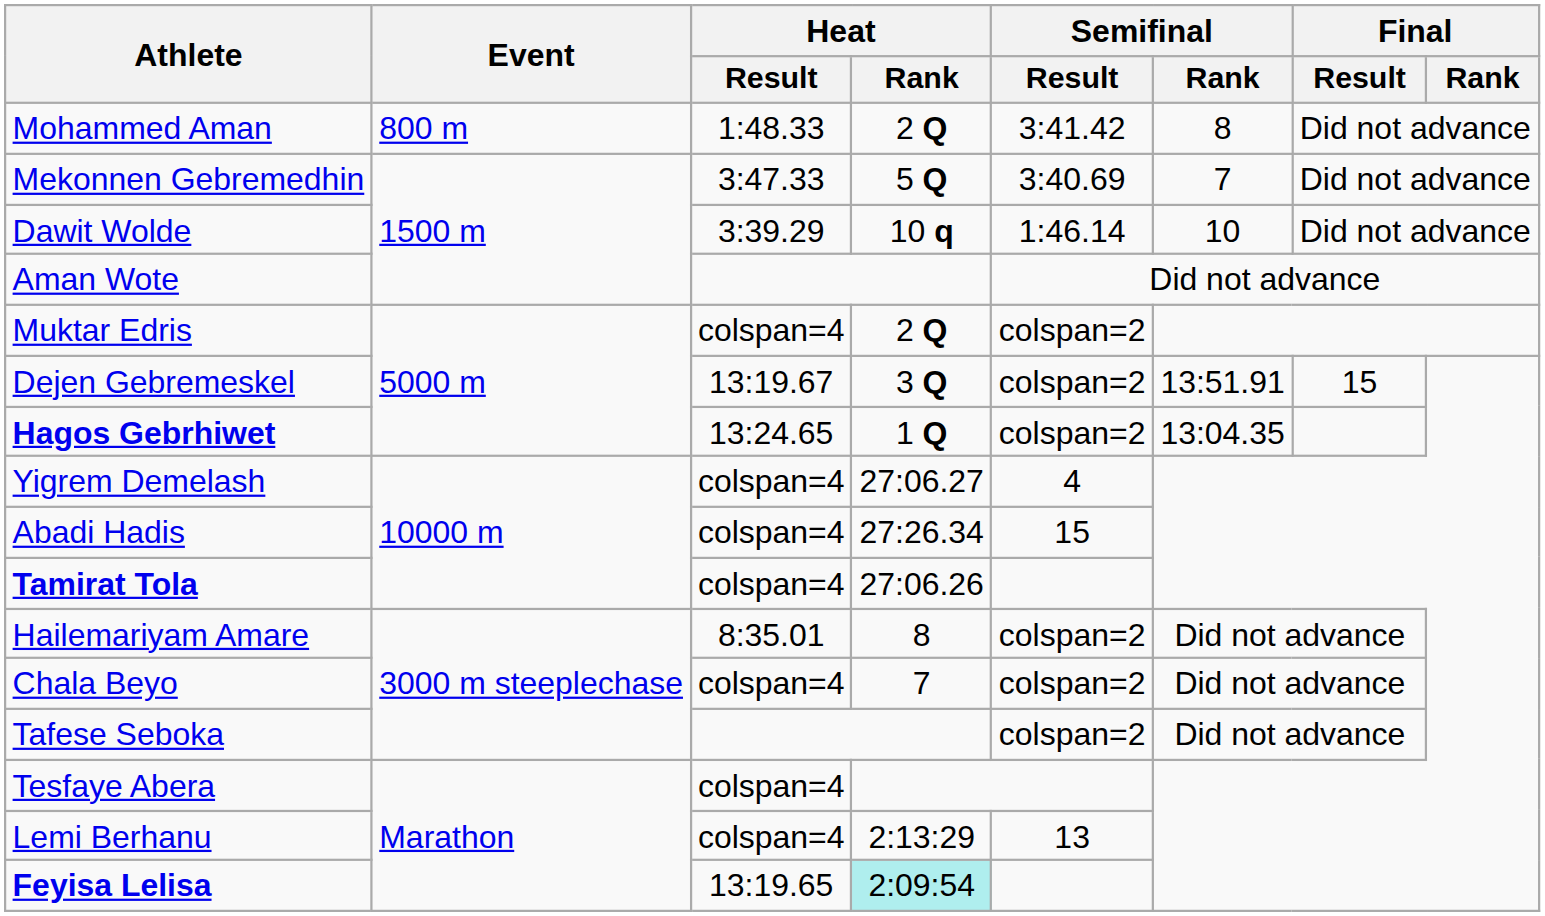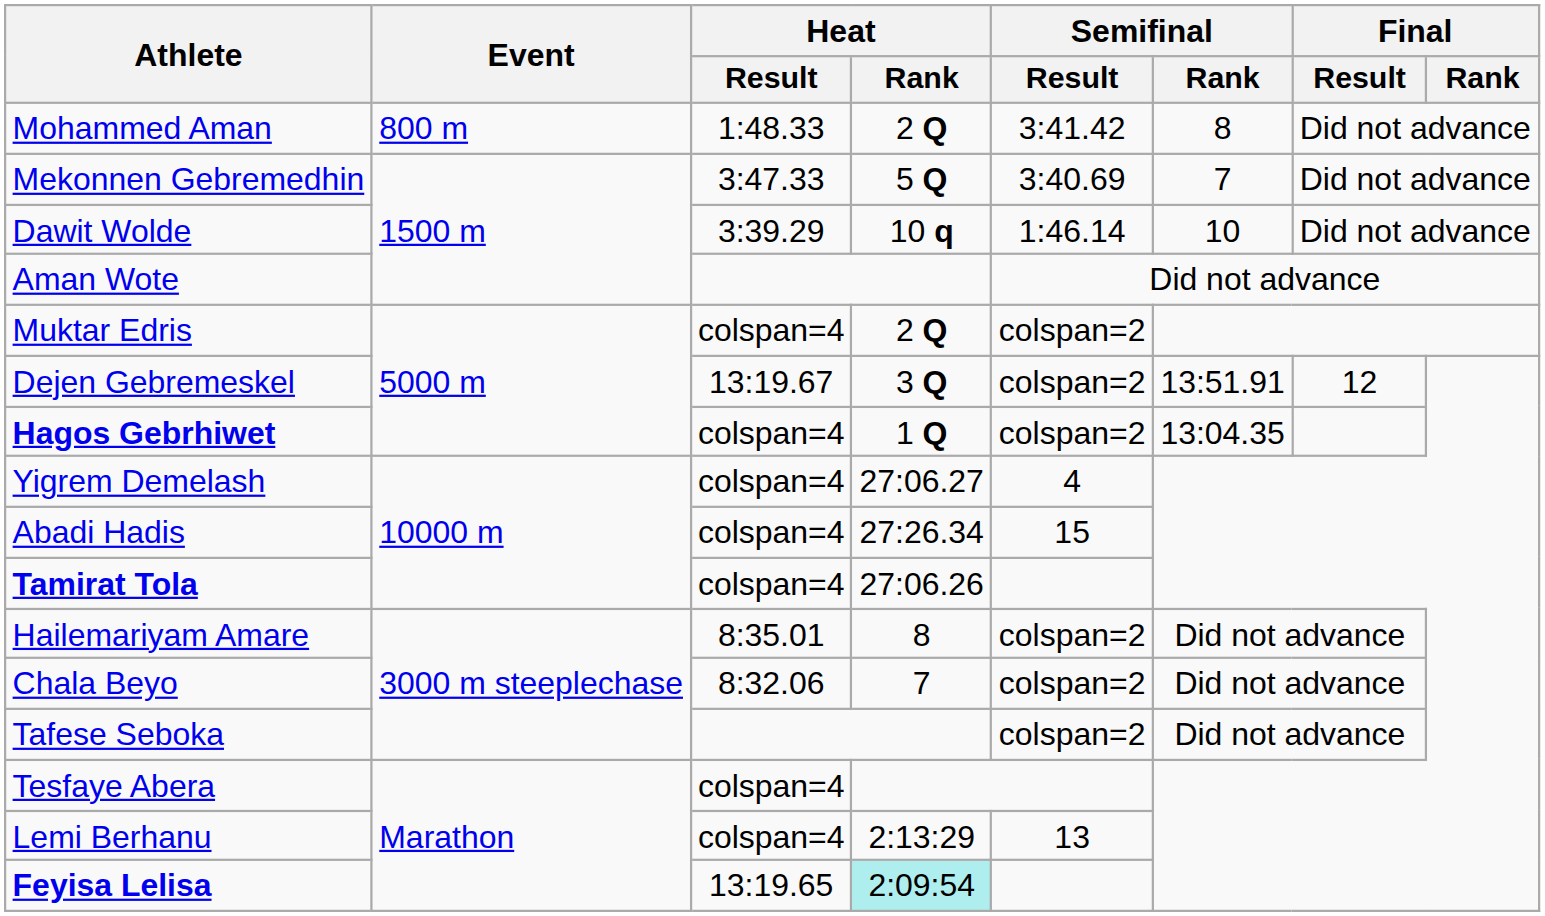 <table class="wikitable" style="font-size:90%">
 <tr>
 <th rowspan="2">Athlete</th>
 <th rowspan="2">Event</th>
 <th colspan="2">Heat</th>
 <th colspan="2">Semifinal</th>
 <th colspan="2">Final</th>
 </tr>
 <tr style="font-size:95%">
 <th>Result</th>
 <th>Rank</th>
 <th>Result</th>
 <th>Rank</th>
 <th>Result</th>
 <th>Rank</th>
 </tr>
 <tr align=center>
 <td align=left><a href='#'>Mohammed Aman</a></td>
 <td align=left><a href='#'>800 m</a></td>
 <td>1:48.33</td>
 <td>2 <strong>Q</strong></td>
 <td>3:41.42</td>
 <td>8</td>
 <td colspan=2>Did not advance</td>
 </tr>
 <tr align=center>
 <td align=left><a href='#'>Mekonnen Gebremedhin</a></td>
 <td align=left rowspan=3><a href='#'>1500 m</a></td>
 <td>3:47.33</td>
 <td>5 <strong>Q</strong></td>
 <td>3:40.69</td>
 <td>7</td>
 <td colspan=2>Did not advance</td>
 </tr>
 <tr align=center>
 <td align=left><a href='#'>Dawit Wolde</a></td>
 <td>3:39.29</td>
 <td>10 <strong>q</strong></td>
 <td>1:46.14</td>
 <td>10</td>
 <td colspan=2>Did not advance</td>
 </tr>
 <tr align=center>
 <td align=left><a href='#'>Aman Wote</a></td>
 <td colspan=2></td>
 <td colspan=4>Did not advance</td>
 </tr>
 <tr align=center>
 <td align=left><a href='#'>Muktar Edris</a></td>
 <td align=left rowspan=3><a href='#'>5000 m</a></td>
 <td>colspan=4 </td>
 <td>2 <strong>Q</strong></td>
 <td>colspan=2 </td>
 <td colspan=4></td>
 </tr>
 <tr align=center>
 <td align=left><a href='#'>Dejen Gebremeskel</a></td>
 <td>13:19.67</td>
 <td>3 <strong>Q</strong></td>
 <td>colspan=2 </td>
 <td>13:51.91</td>
-<td>15</td>
+<td>12</td>
 </tr>
 <tr align=center>
 <td align=left><strong><a href='#'>Hagos Gebrhiwet</a></strong></td>
-<td>13:24.65</td>
+<td>colspan=4 </td>
 <td>1 <strong>Q</strong></td>
 <td>colspan=2 </td>
 <td>13:04.35</td>
 <td></td>
 </tr>
 <tr align=center>
 <td align=left><a href='#'>Yigrem Demelash</a></td>
 <td align=left rowspan=3><a href='#'>10000 m</a></td>
 <td>colspan=4 </td>
 <td>27:06.27</td>
 <td>4</td>
 </tr>
 <tr align=center>
 <td align=left><a href='#'>Abadi Hadis</a></td>
 <td>colspan=4 </td>
 <td>27:26.34</td>
 <td>15</td>
 </tr>
 <tr align=center>
 <td align=left><strong><a href='#'>Tamirat Tola</a></strong></td>
 <td>colspan=4 </td>
 <td>27:06.26</td>
 <td></td>
 </tr>
 <tr align=center>
 <td align=left><a href='#'>Hailemariyam Amare</a></td>
 <td align=left rowspan=3><a href='#'>3000 m steeplechase</a></td>
 <td>8:35.01</td>
 <td>8</td>
 <td>colspan=2 </td>
 <td colspan=2>Did not advance</td>
 </tr>
 <tr align=center>
 <td align=left><a href='#'>Chala Beyo</a></td>
-<td>colspan=4 </td>
+<td>8:32.06</td>
 <td>7</td>
 <td>colspan=2 </td>
 <td colspan=2>Did not advance</td>
 </tr>
 <tr align=center>
 <td align=left><a href='#'>Tafese Seboka</a></td>
 <td colspan=2></td>
 <td>colspan=2 </td>
 <td colspan=2>Did not advance</td>
 </tr>
 <tr align=center>
 <td align=left><a href='#'>Tesfaye Abera</a></td>
 <td align=left rowspan=3><a href='#'>Marathon</a></td>
 <td>colspan=4 </td>
 <td colspan=2></td>
 </tr>
 <tr align=center>
 <td align=left><a href='#'>Lemi Berhanu</a></td>
 <td>colspan=4 </td>
 <td>2:13:29</td>
 <td>13</td>
 </tr>
 <tr align=center>
 <td align=left><strong><a href='#'>Feyisa Lelisa</a></strong></td>
 <td>13:19.65</td>
 <td style="background: paleturquoise;">2:09:54</td>
 <td></td>
 </tr>
 </table>
